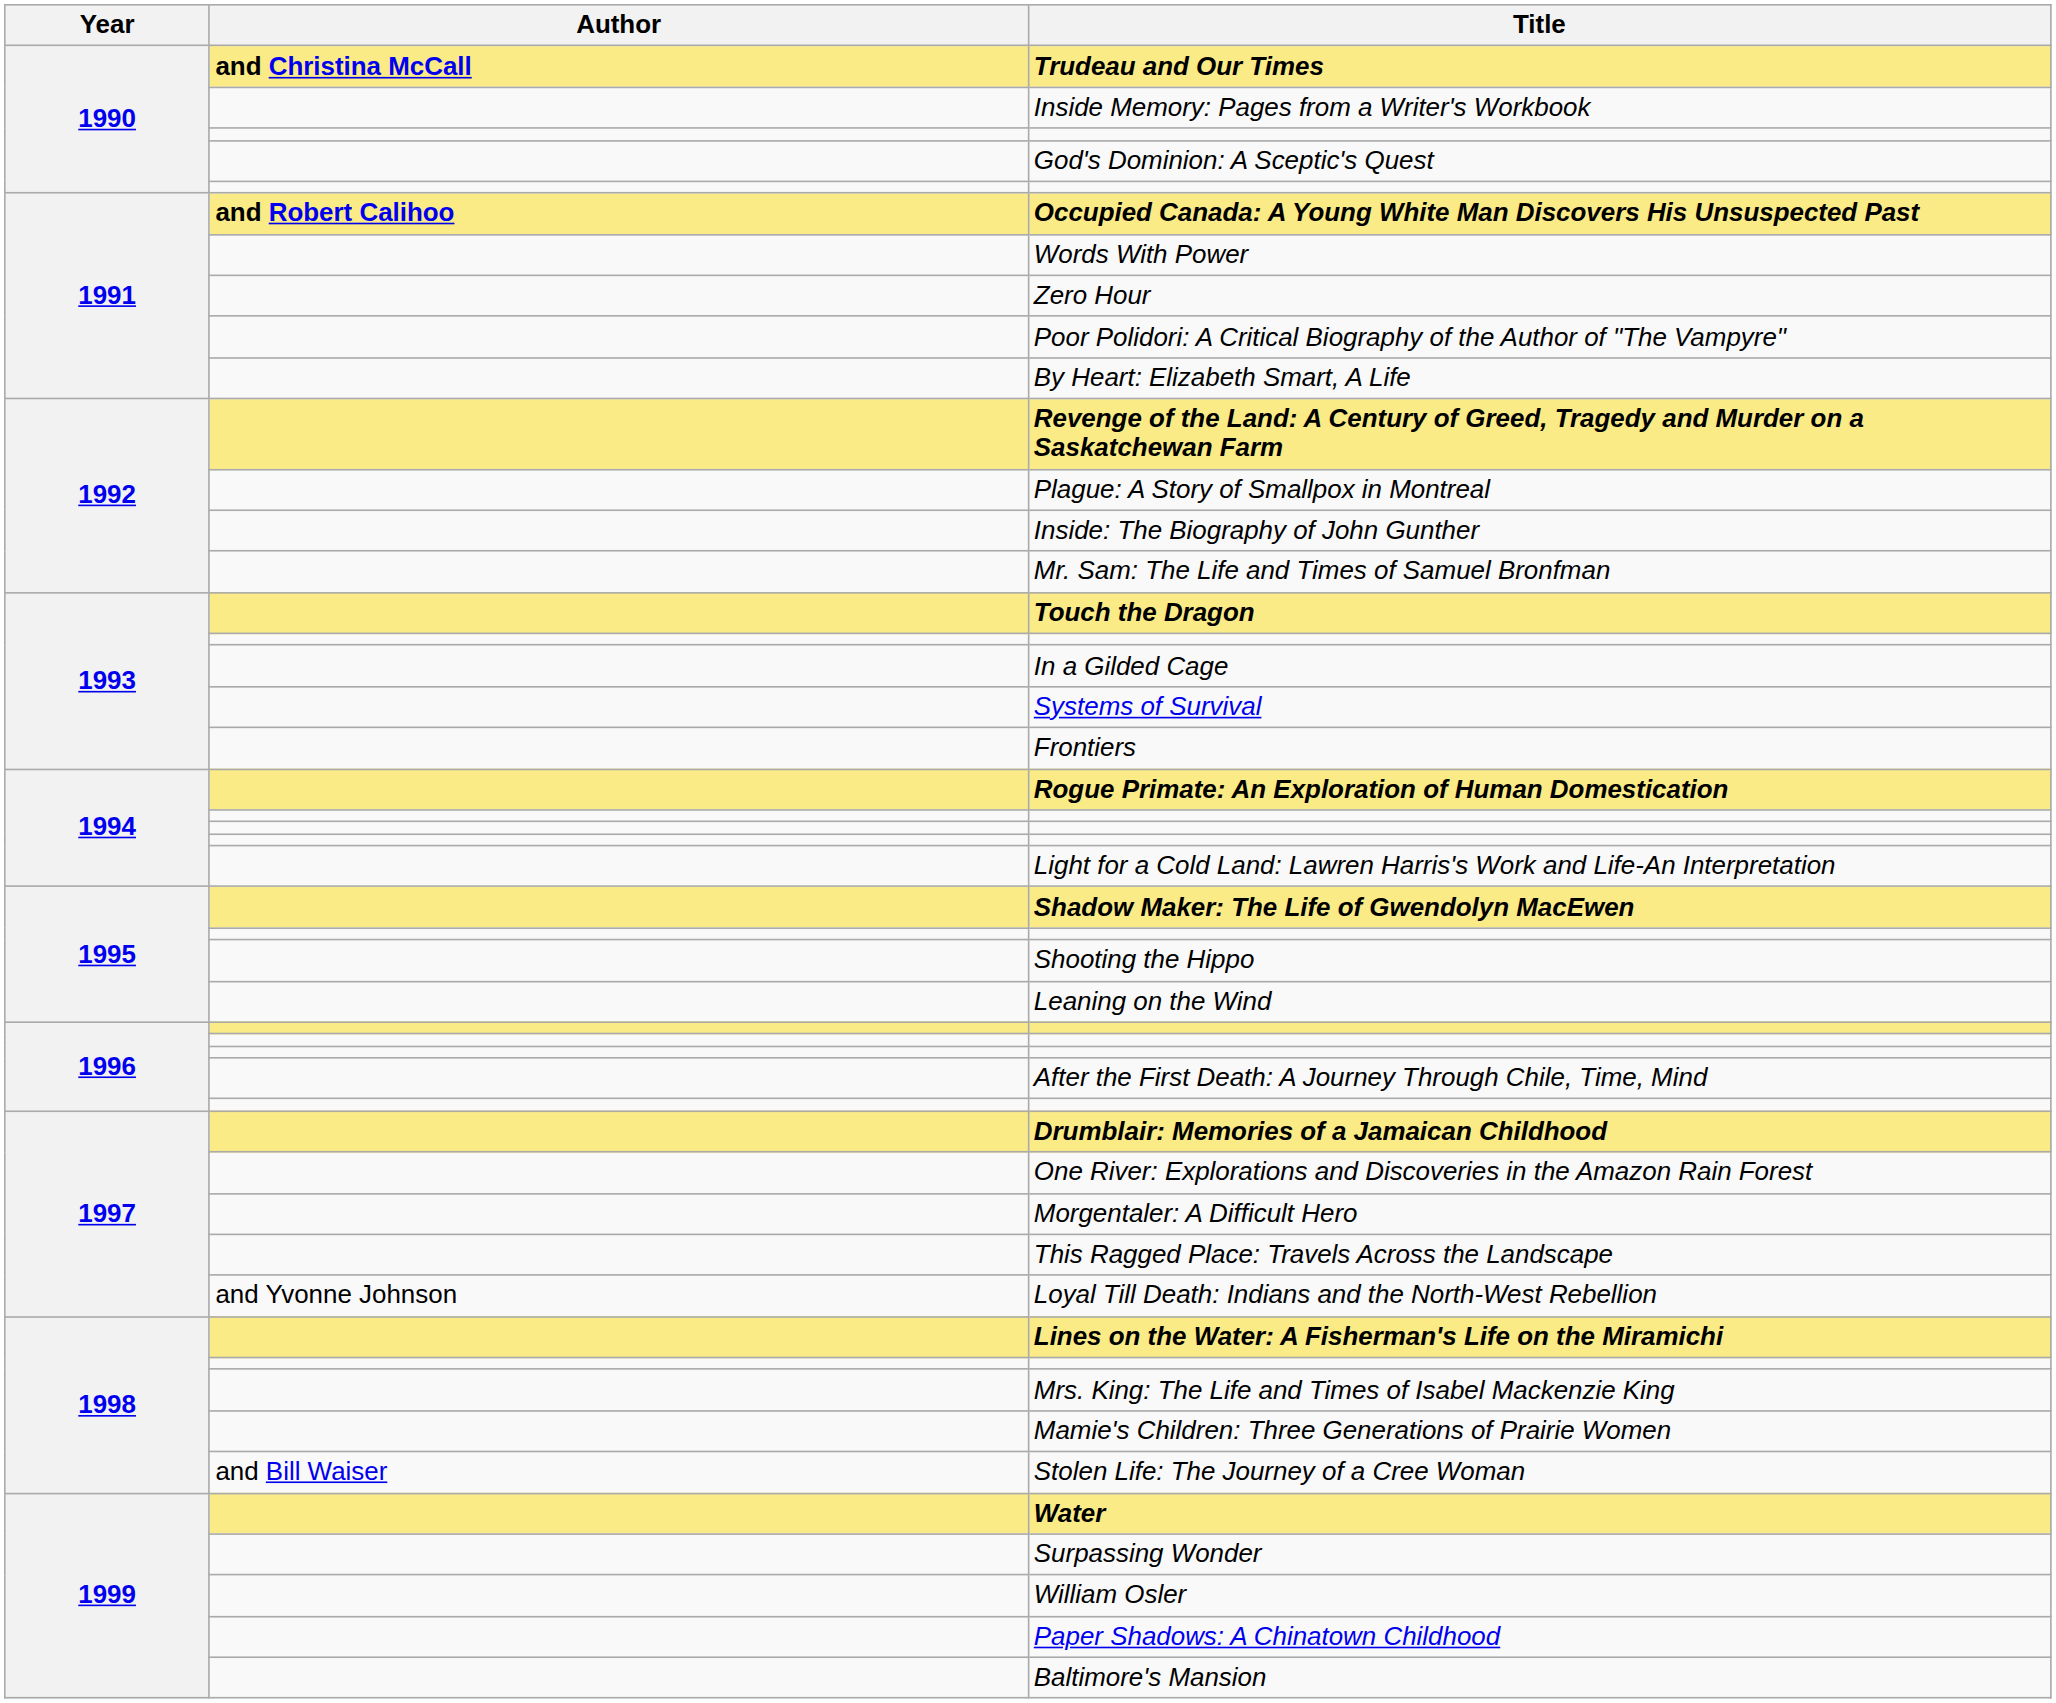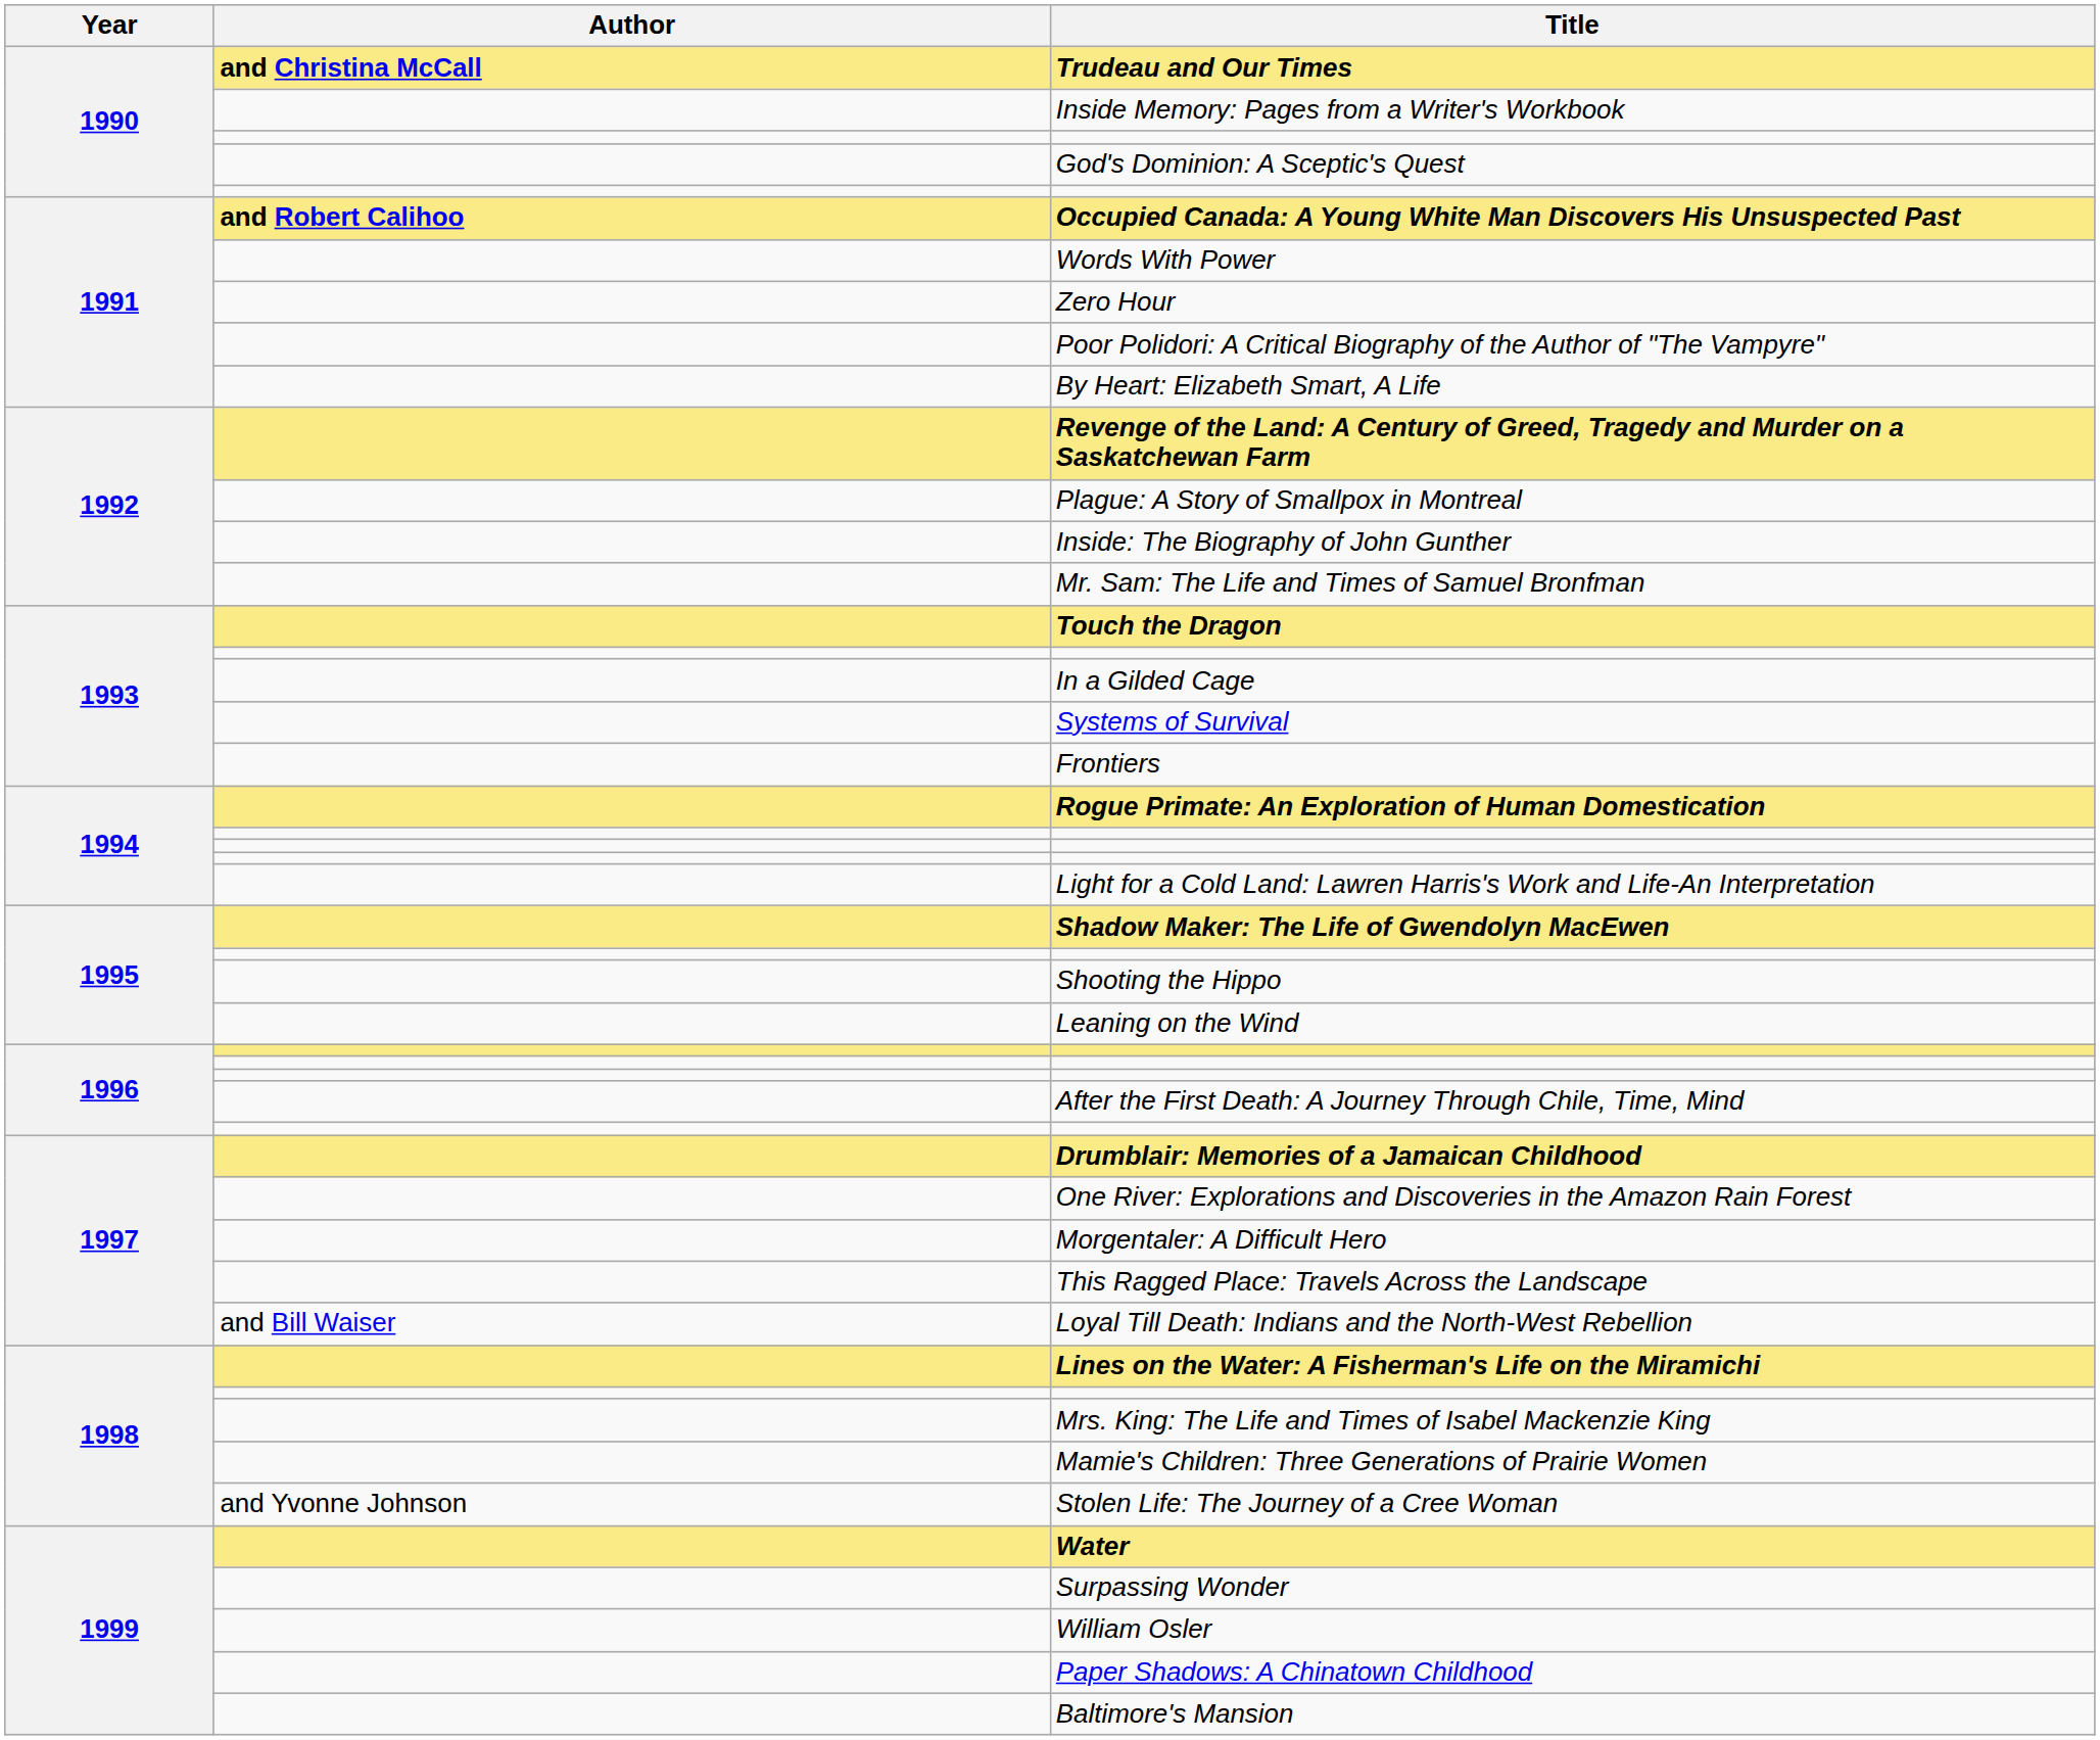 <table class="wikitable sortable mw-collapsible" width="100%">
 <tr>
 <th>Year</th>
 <th width="40%">Author</th>
 <th width="50%">Title</th>
 </tr>
 <tr>
 <th rowspan="5"><a href='#'>1990</a></th>
 <td style="background:#FAEB86"><strong> and <a href='#'>Christina McCall</a></strong></td>
 <td style="background:#FAEB86"><strong><em>Trudeau and Our Times</em></strong></td>
 </tr>
 <tr>
 <td></td>
 <td><em>Inside Memory: Pages from a Writer's Workbook</em></td>
 </tr>
 <tr>
 <td></td>
 <td><em></em></td>
 </tr>
 <tr>
 <td></td>
 <td><em>God's Dominion: A Sceptic's Quest</em></td>
 </tr>
 <tr>
 <td></td>
 <td><em></em></td>
 </tr>
 <tr>
 <th rowspan="5"><a href='#'>1991</a></th>
 <td style="background:#FAEB86"><strong> and <a href='#'>Robert Calihoo</a></strong></td>
 <td style="background:#FAEB86"><strong><em>Occupied Canada: A Young White Man Discovers His Unsuspected Past</em></strong></td>
 </tr>
 <tr>
 <td></td>
 <td><em>Words With Power</em></td>
 </tr>
 <tr>
 <td></td>
 <td><em>Zero Hour</em></td>
 </tr>
 <tr>
 <td></td>
 <td><em>Poor Polidori: A Critical Biography of the Author of "The Vampyre"</em></td>
 </tr>
 <tr>
 <td></td>
 <td><em>By Heart: Elizabeth Smart, A Life</em></td>
 </tr>
 <tr>
 <th rowspan="4"><a href='#'>1992</a></th>
 <td style="background:#FAEB86"><strong></strong></td>
 <td style="background:#FAEB86"><strong><em>Revenge of the Land: A Century of Greed, Tragedy and Murder on a Saskatchewan Farm</em></strong></td>
 </tr>
 <tr>
 <td></td>
 <td><em>Plague: A Story of Smallpox in Montreal</em></td>
 </tr>
 <tr>
 <td></td>
 <td><em>Inside: The Biography of John Gunther</em></td>
 </tr>
 <tr>
 <td></td>
 <td><em>Mr. Sam: The Life and Times of Samuel Bronfman</em></td>
 </tr>
 <tr>
 <th rowspan="5"><a href='#'>1993</a></th>
 <td style="background:#FAEB86"><strong></strong></td>
 <td style="background:#FAEB86"><strong><em>Touch the Dragon</em></strong></td>
 </tr>
 <tr>
 <td></td>
 <td><em></em></td>
 </tr>
 <tr>
 <td></td>
 <td><em>In a Gilded Cage</em></td>
 </tr>
 <tr>
 <td></td>
 <td><em><a href='#'>Systems of Survival</a></em></td>
 </tr>
 <tr>
 <td></td>
 <td><em>Frontiers</em></td>
 </tr>
 <tr>
 <th rowspan="5"><a href='#'>1994</a></th>
 <td style="background:#FAEB86"><strong></strong></td>
 <td style="background:#FAEB86"><strong><em>Rogue Primate: An Exploration of Human Domestication</em></strong></td>
 </tr>
 <tr>
 <td></td>
 <td><em></em></td>
 </tr>
 <tr>
 <td></td>
 <td><em></em></td>
 </tr>
 <tr>
 <td></td>
 <td><em></em></td>
 </tr>
 <tr>
 <td></td>
 <td><em>Light for a Cold Land: Lawren Harris's Work and Life-An Interpretation</em></td>
 </tr>
 <tr>
 <th rowspan="4"><a href='#'>1995</a></th>
 <td style="background:#FAEB86"><strong></strong></td>
 <td style="background:#FAEB86"><strong><em>Shadow Maker: The Life of Gwendolyn MacEwen</em></strong></td>
 </tr>
 <tr>
 <td></td>
 <td><em></em></td>
 </tr>
 <tr>
 <td></td>
 <td><em>Shooting the Hippo</em></td>
 </tr>
 <tr>
 <td></td>
 <td><em>Leaning on the Wind</em></td>
 </tr>
 <tr>
 <th rowspan="5"><a href='#'>1996</a></th>
 <td style="background:#FAEB86"><strong></strong></td>
 <td style="background:#FAEB86"><strong><em></em></strong></td>
 </tr>
 <tr>
 <td></td>
 <td><em></em></td>
 </tr>
 <tr>
 <td></td>
 <td><em></em></td>
 </tr>
 <tr>
 <td></td>
 <td><em>After the First Death: A Journey Through Chile, Time, Mind</em></td>
 </tr>
 <tr>
 <td></td>
 <td><em></em></td>
 </tr>
 <tr>
 <th rowspan="5"><a href='#'>1997</a></th>
 <td style="background:#FAEB86"><strong></strong></td>
 <td style="background:#FAEB86"><strong><em>Drumblair: Memories of a Jamaican Childhood</em></strong></td>
 </tr>
 <tr>
 <td></td>
 <td><em>One River: Explorations and Discoveries in the Amazon Rain Forest</em></td>
 </tr>
 <tr>
 <td></td>
 <td><em>Morgentaler: A Difficult Hero</em></td>
 </tr>
 <tr>
 <td></td>
 <td><em>This Ragged Place: Travels Across the Landscape</em></td>
 </tr>
 <tr>
-<td> and Yvonne Johnson</td>
+<td> and <a href='#'>Bill Waiser</a></td>
 <td><em>Loyal Till Death: Indians and the North-West Rebellion</em></td>
 </tr>
 <tr>
 <th rowspan="5"><a href='#'>1998</a></th>
 <td style="background:#FAEB86"><strong></strong></td>
 <td style="background:#FAEB86"><strong><em>Lines on the Water: A Fisherman's Life on the Miramichi</em></strong></td>
 </tr>
 <tr>
 <td></td>
 <td><em></em></td>
 </tr>
 <tr>
 <td></td>
 <td><em>Mrs. King: The Life and Times of Isabel Mackenzie King</em></td>
 </tr>
 <tr>
 <td></td>
 <td><em>Mamie's Children: Three Generations of Prairie Women</em></td>
 </tr>
 <tr>
-<td> and <a href='#'>Bill Waiser</a></td>
+<td> and Yvonne Johnson</td>
 <td><em>Stolen Life: The Journey of a Cree Woman</em></td>
 </tr>
 <tr>
 <th rowspan="5"><a href='#'>1999</a></th>
 <td style="background:#FAEB86"><strong></strong></td>
 <td style="background:#FAEB86"><strong><em>Water</em></strong></td>
 </tr>
 <tr>
 <td></td>
 <td><em>Surpassing Wonder</em></td>
 </tr>
 <tr>
 <td></td>
 <td><em>William Osler</em></td>
 </tr>
 <tr>
 <td></td>
 <td><em><a href='#'>Paper Shadows: A Chinatown Childhood</a></em></td>
 </tr>
 <tr>
 <td></td>
 <td><em>Baltimore's Mansion</em></td>
 </tr>
 </table>
